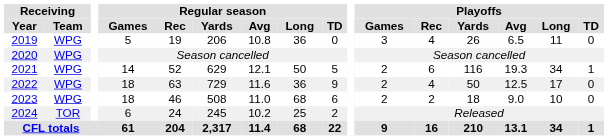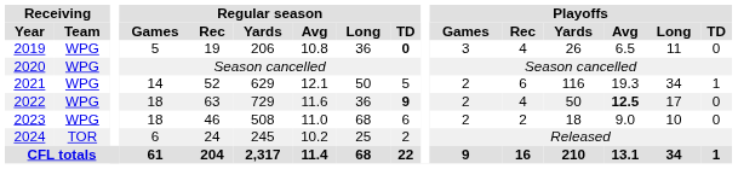 <table CELLSPACING="0" width="65%" style="text-align:center">
 <tr bgcolor="#e0e0e0">
 <th colspan="2">Receiving</th>
 <th rowspan="99" bgcolor="#ffffff"> </th>
 <th colspan="6">Regular season</th>
 <th rowspan="99" bgcolor="#ffffff"> </th>
 <th colspan="6">Playoffs</th>
 </tr>
 <tr bgcolor="#e0e0e0">
 <th>Year</th>
 <th>Team</th>
 <th>Games</th>
 <th>Rec</th>
 <th>Yards</th>
 <th>Avg</th>
 <th>Long</th>
 <th>TD</th>
 <th>Games</th>
 <th>Rec</th>
 <th>Yards</th>
 <th>Avg</th>
 <th>Long</th>
 <th>TD</th>
 </tr>
 <tr ALIGN="center">
 <td><a href='#'>2019</a></td>
 <td><a href='#'>WPG</a></td>
 <td>5</td>
 <td>19</td>
 <td>206</td>
 <td>10.8</td>
 <td>36</td>
-<td>0</td>
+<td><strong>0</strong></td>
 <td>3</td>
 <td>4</td>
 <td>26</td>
 <td>6.5</td>
 <td>11</td>
 <td>0</td>
 </tr>
 <tr ALIGN="center" bgcolor="#f0f0f0">
 <td><a href='#'>2020</a></td>
 <td><a href='#'>WPG</a></td>
 <td colspan="6"><em>Season cancelled</em></td>
 <td colspan="6"><em>Season cancelled</em></td>
 </tr>
 <tr ALIGN="center">
 <td><a href='#'>2021</a></td>
 <td><a href='#'>WPG</a></td>
 <td>14</td>
 <td>52</td>
 <td>629</td>
 <td>12.1</td>
 <td>50</td>
 <td>5</td>
 <td>2</td>
 <td>6</td>
 <td>116</td>
 <td>19.3</td>
 <td>34</td>
 <td>1</td>
 </tr>
 <tr ALIGN="center" bgcolor="#f0f0f0">
 <td><a href='#'>2022</a></td>
 <td><a href='#'>WPG</a></td>
 <td>18</td>
 <td>63</td>
 <td>729</td>
 <td>11.6</td>
 <td>36</td>
-<td>9</td>
+<td><strong>9</strong></td>
 <td>2</td>
 <td>4</td>
 <td>50</td>
-<td>12.5</td>
+<td><strong>12.5</strong></td>
 <td>17</td>
 <td>0</td>
 </tr>
 <tr ALIGN="center">
 <td><a href='#'>2023</a></td>
 <td><a href='#'>WPG</a></td>
 <td>18</td>
 <td>46</td>
 <td>508</td>
 <td>11.0</td>
 <td>68</td>
 <td>6</td>
 <td>2</td>
 <td>2</td>
 <td>18</td>
 <td>9.0</td>
 <td>10</td>
 <td>0</td>
 </tr>
 <tr ALIGN="center" bgcolor="#f0f0f0">
 <td><a href='#'>2024</a></td>
 <td><a href='#'>TOR</a></td>
 <td>6</td>
 <td>24</td>
 <td>245</td>
 <td>10.2</td>
 <td>25</td>
 <td>2</td>
 <td colspan="6"><em>Released</em></td>
 </tr>
 <tr bgcolor="#e0e0e0">
 <th colspan="3"><a href='#'>CFL totals</a></th>
 <th>61</th>
 <th>204</th>
 <th>2,317</th>
 <th>11.4</th>
 <th>68</th>
 <th>22</th>
 <th>9</th>
 <th>16</th>
 <th>210</th>
 <th>13.1</th>
 <th>34</th>
 <th>1</th>
 </tr>
 </table>
